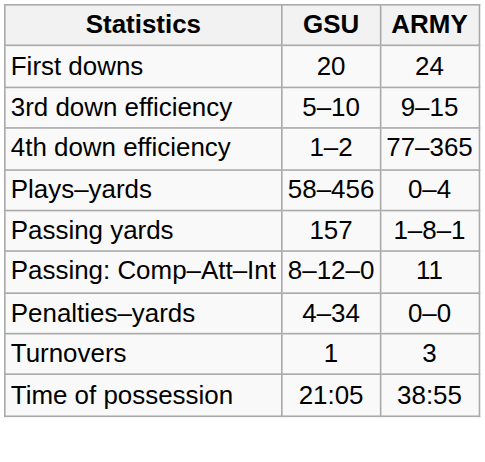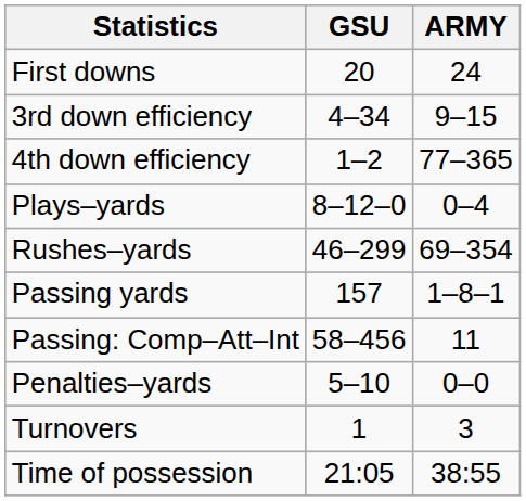 <table class="wikitable">
 <tr>
 <th>Statistics</th>
 <th>GSU</th>
 <th>ARMY</th>
 </tr>
 <tr>
 <td>First downs</td>
 <td align=center>20</td>
 <td align=center>24</td>
 </tr>
 <tr>
 <td>3rd down efficiency</td>
-<td align=center>5–10</td>
+<td align=center>4–34</td>
 <td align=center>9–15</td>
 </tr>
 <tr>
 <td>4th down efficiency</td>
 <td align=center>1–2</td>
 <td align=center>77–365</td>
 </tr>
 <tr>
 <td>Plays–yards</td>
-<td align=center>58–456</td>
+<td align=center>8–12–0</td>
 <td align=center>0–4</td>
+</tr>
+<tr>
+<td>Rushes–yards</td>
+<td align=center>46–299</td>
+<td align=center>69–354</td>
 </tr>
 <tr>
 <td>Passing yards</td>
 <td align=center>157</td>
 <td align=center>1–8–1</td>
 </tr>
 <tr>
 <td>Passing: Comp–Att–Int</td>
-<td align=center>8–12–0</td>
+<td align=center>58–456</td>
 <td align=center>11</td>
 </tr>
 <tr>
 <td>Penalties–yards</td>
-<td align=center>4–34</td>
+<td align=center>5–10</td>
 <td align=center>0–0</td>
 </tr>
 <tr>
 <td>Turnovers</td>
 <td align=center>1</td>
 <td align=center>3</td>
 </tr>
 <tr>
 <td>Time of possession</td>
 <td align=center>21:05</td>
 <td align=center>38:55</td>
 </tr>
 </table>
